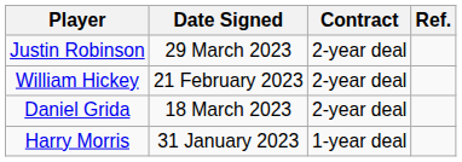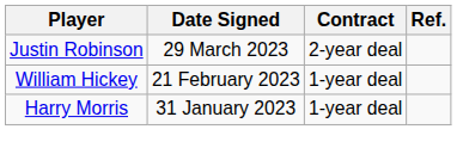 <table class="wikitable sortable sortable" style="text-align: center">
 <tr>
 <th>Player</th>
 <th>Date Signed</th>
 <th>Contract</th>
 <th>Ref.</th>
 </tr>
 <tr>
 <td><a href='#'>Justin Robinson</a></td>
 <td>29 March 2023</td>
 <td>2-year deal</td>
 <td></td>
 </tr>
 <tr>
 <td><a href='#'>William Hickey</a></td>
 <td>21 February 2023</td>
-<td>2-year deal</td>
-<td></td>
-</tr>
-<tr>
-<td><a href='#'>Daniel Grida</a></td>
-<td>18 March 2023</td>
-<td>2-year deal</td>
+<td>1-year deal</td>
 <td></td>
 </tr>
 <tr>
 <td><a href='#'>Harry Morris</a></td>
 <td>31 January 2023</td>
 <td>1-year deal</td>
 <td></td>
 </tr>
 </table>
